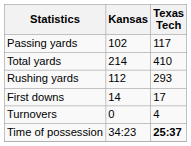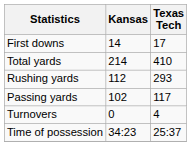 <table class="wikitable">
 <tr>
 <th>Statistics</th>
 <th>Kansas</th>
 <th>Texas<br>Tech</th>
 </tr>
 <tr>
-<td>Passing yards</td>
-<td>102</td>
-<td>117</td>
+<td>First downs</td>
+<td>14</td>
+<td>17</td>
 </tr>
 <tr>
 <td>Total yards</td>
 <td>214</td>
 <td>410</td>
 </tr>
 <tr>
 <td>Rushing yards</td>
 <td>112</td>
 <td>293</td>
 </tr>
 <tr>
-<td>First downs</td>
-<td>14</td>
-<td>17</td>
+<td>Passing yards</td>
+<td>102</td>
+<td>117</td>
 </tr>
 <tr>
 <td>Turnovers</td>
 <td>0</td>
 <td>4</td>
 </tr>
 <tr>
 <td>Time of possession</td>
 <td>34:23</td>
-<td><strong>25:37</strong></td>
+<td>25:37</td>
 </tr>
 <tr>
 </tr>
 </table>
